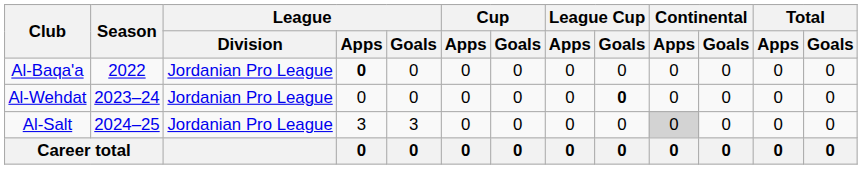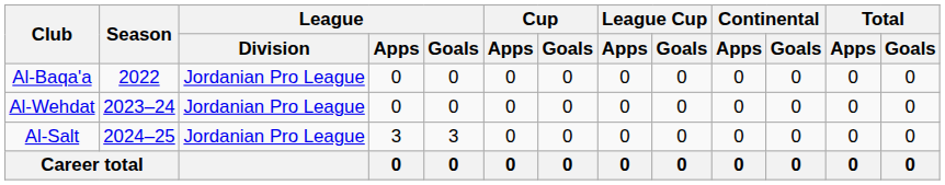 <table class="wikitable" style="text-align: center;">
 <tr>
 <th rowspan="2">Club</th>
 <th rowspan="2">Season</th>
 <th colspan="3">League</th>
 <th colspan="2">Cup</th>
 <th colspan="2">League Cup</th>
 <th colspan="2">Continental</th>
 <th colspan="2">Total</th>
 </tr>
 <tr>
 <th>Division</th>
 <th>Apps</th>
 <th>Goals</th>
 <th>Apps</th>
 <th>Goals</th>
 <th>Apps</th>
 <th>Goals</th>
 <th>Apps</th>
 <th>Goals</th>
 <th>Apps</th>
 <th>Goals</th>
 </tr>
 <tr>
 <td rowspan="1" valign="center"><a href='#'>Al-Baqa'a</a></td>
 <td><a href='#'>2022</a></td>
 <td><a href='#'>Jordanian Pro League</a></td>
-<td><strong>0</strong></td>
+<td>0</td>
 <td>0</td>
 <td>0</td>
 <td>0</td>
 <td>0</td>
 <td>0</td>
 <td>0</td>
 <td>0</td>
 <td>0</td>
 <td>0</td>
 </tr>
 <tr>
 <td rowspan="1" valign="center"><a href='#'>Al-Wehdat</a></td>
 <td><a href='#'>2023–24</a></td>
 <td><a href='#'>Jordanian Pro League</a></td>
 <td>0</td>
 <td>0</td>
 <td>0</td>
 <td>0</td>
 <td>0</td>
-<td><strong>0</strong></td>
+<td>0</td>
 <td>0</td>
 <td>0</td>
 <td>0</td>
 <td>0</td>
 </tr>
 <tr>
 <td rowspan="1" valign="center"><a href='#'>Al-Salt</a></td>
 <td><a href='#'>2024–25</a></td>
 <td><a href='#'>Jordanian Pro League</a></td>
 <td>3</td>
 <td>3</td>
 <td>0</td>
 <td>0</td>
 <td>0</td>
 <td>0</td>
-<td style="background: lightgrey;">0</td>
+<td>0</td>
 <td>0</td>
 <td>0</td>
 <td>0</td>
 </tr>
 <tr>
 <th colspan="2">Career total</th>
 <th></th>
 <th>0</th>
 <th>0</th>
 <th>0</th>
 <th>0</th>
 <th>0</th>
 <th>0</th>
 <th>0</th>
 <th>0</th>
 <th>0</th>
 <th>0</th>
 </tr>
 </table>
